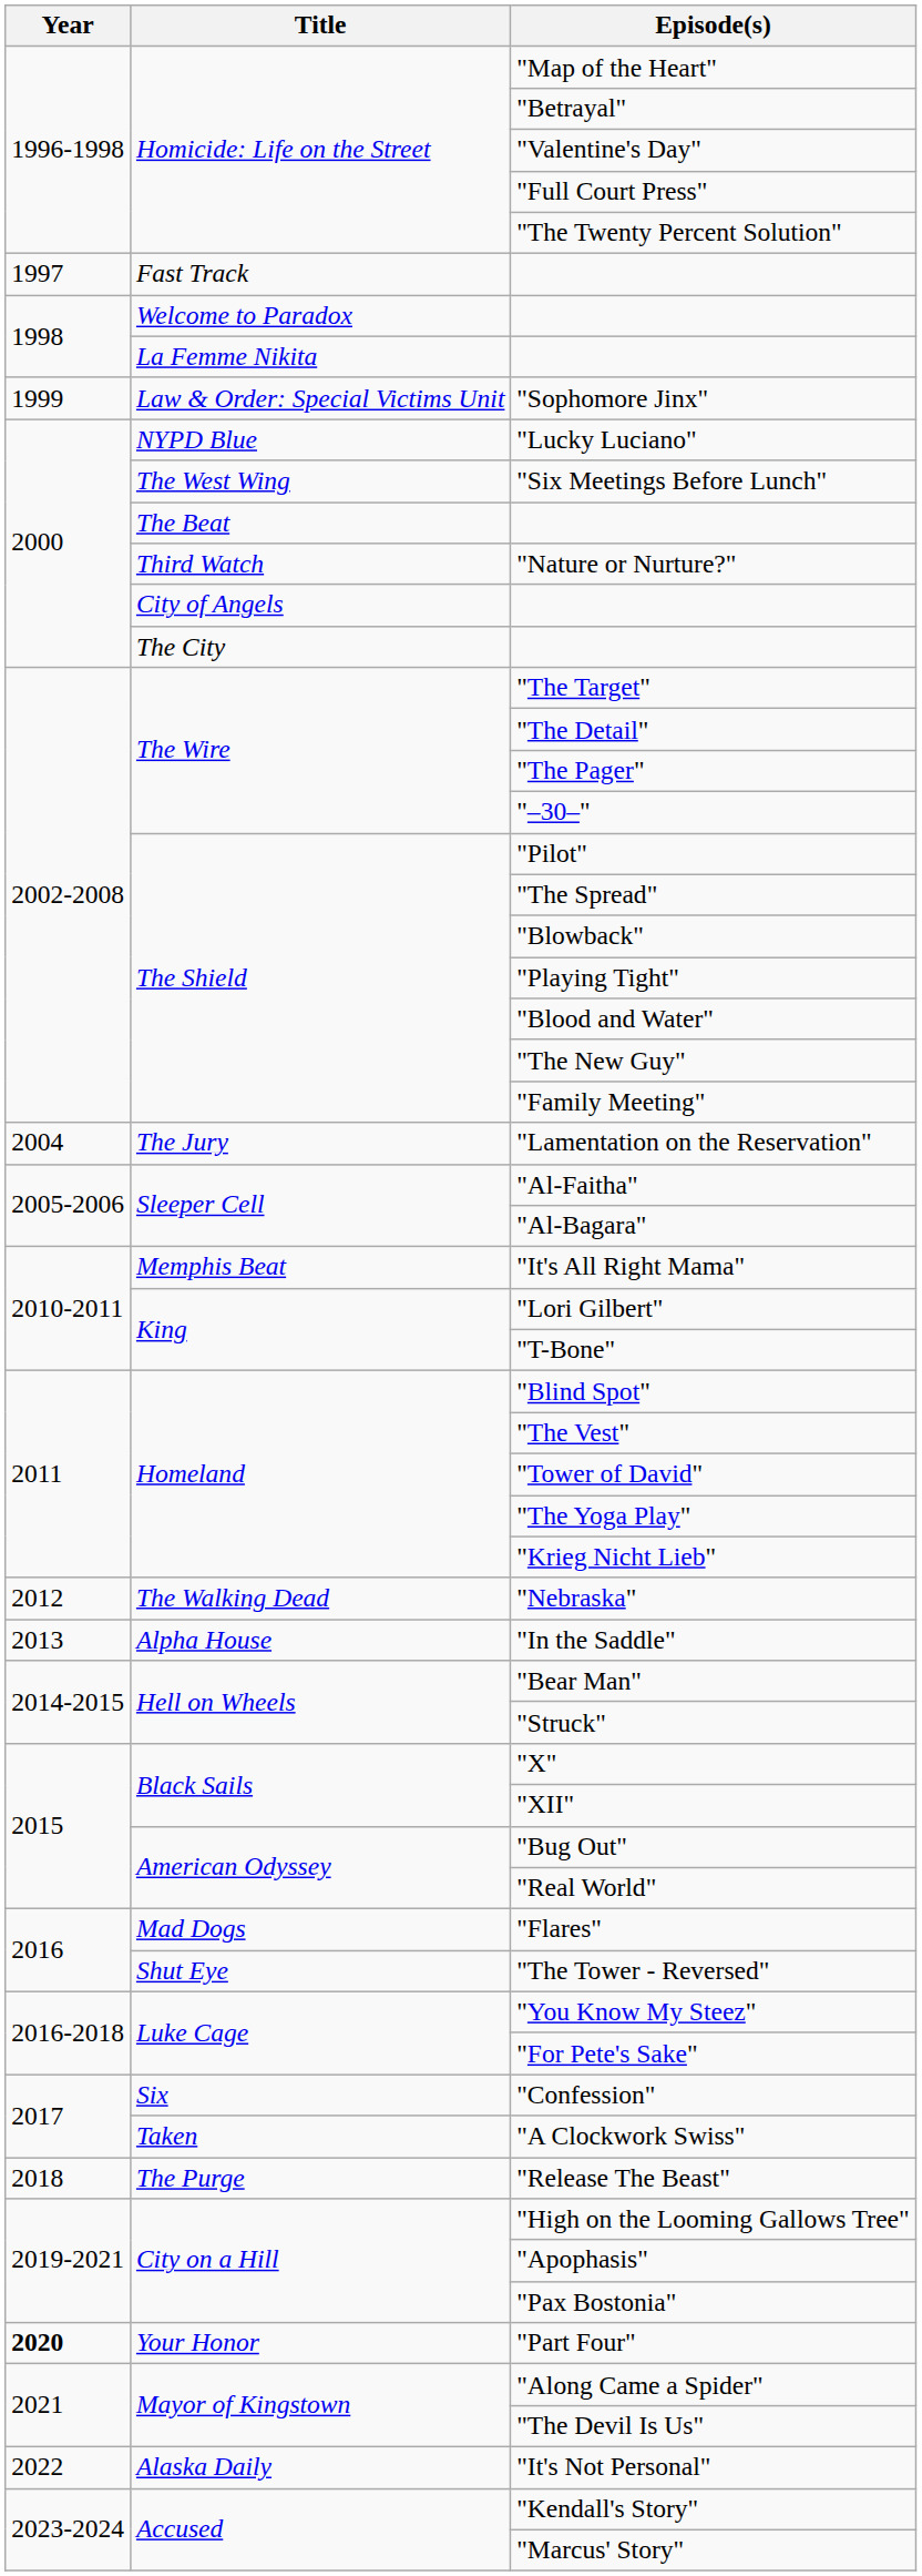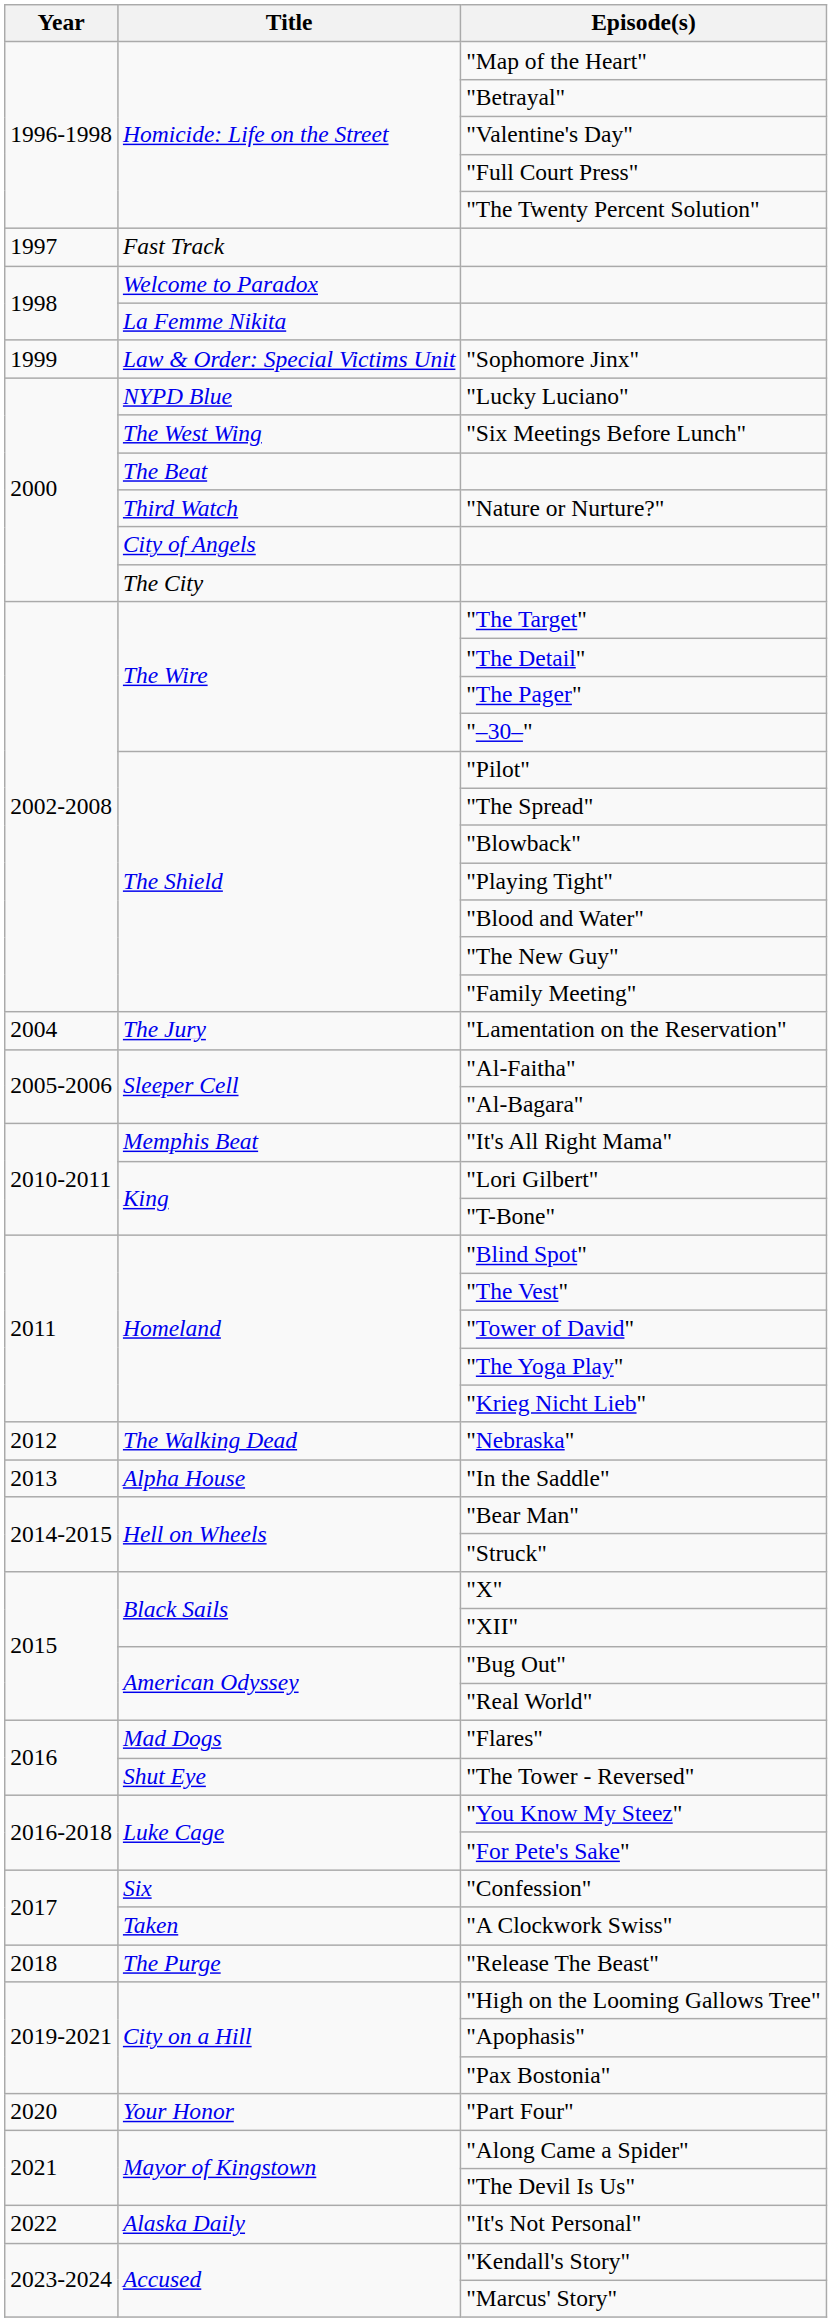 <table class="wikitable plainrowheaders">
 <tr>
 <th>Year</th>
 <th>Title</th>
 <th>Episode(s)</th>
 </tr>
 <tr>
 <td rowspan=5>1996-1998</td>
 <td rowspan=5><em><a href='#'>Homicide: Life on the Street</a></em></td>
 <td>"Map of the Heart"</td>
 </tr>
 <tr>
 <td>"Betrayal"</td>
 </tr>
 <tr>
 <td>"Valentine's Day"</td>
 </tr>
 <tr>
 <td>"Full Court Press"</td>
 </tr>
 <tr>
 <td>"The Twenty Percent Solution"</td>
 </tr>
 <tr>
 <td>1997</td>
 <td><em>Fast Track</em></td>
 <td></td>
 </tr>
 <tr>
 <td rowspan=2>1998</td>
 <td><em><a href='#'>Welcome to Paradox</a></em></td>
 <td></td>
 </tr>
 <tr>
 <td><em><a href='#'>La Femme Nikita</a></em></td>
 <td></td>
 </tr>
 <tr>
 <td>1999</td>
 <td><em><a href='#'>Law & Order: Special Victims Unit</a></em></td>
 <td>"Sophomore Jinx"</td>
 </tr>
 <tr>
 <td rowspan=6>2000</td>
 <td><em><a href='#'>NYPD Blue</a></em></td>
 <td>"Lucky Luciano"</td>
 </tr>
 <tr>
 <td><em><a href='#'>The West Wing</a></em></td>
 <td>"Six Meetings Before Lunch"</td>
 </tr>
 <tr>
 <td><em><a href='#'>The Beat</a></em></td>
 <td></td>
 </tr>
 <tr>
 <td><em><a href='#'>Third Watch</a></em></td>
 <td>"Nature or Nurture?"</td>
 </tr>
 <tr>
 <td><em><a href='#'>City of Angels</a></em></td>
 <td></td>
 </tr>
 <tr>
 <td><em>The City</em></td>
 <td></td>
 </tr>
 <tr>
 <td rowspan=11>2002-2008</td>
 <td rowspan=4><em><a href='#'>The Wire</a></em></td>
 <td>"<a href='#'>The Target</a>"</td>
 </tr>
 <tr>
 <td>"<a href='#'>The Detail</a>"</td>
 </tr>
 <tr>
 <td>"<a href='#'>The Pager</a>"</td>
 </tr>
 <tr>
 <td>"<a href='#'>–30–</a>"</td>
 </tr>
 <tr>
 <td rowspan=7><em><a href='#'>The Shield</a></em></td>
 <td>"Pilot"</td>
 </tr>
 <tr>
 <td>"The Spread"</td>
 </tr>
 <tr>
 <td>"Blowback"</td>
 </tr>
 <tr>
 <td>"Playing Tight"</td>
 </tr>
 <tr>
 <td>"Blood and Water"</td>
 </tr>
 <tr>
 <td>"The New Guy"</td>
 </tr>
 <tr>
 <td>"Family Meeting"</td>
 </tr>
 <tr>
 <td>2004</td>
 <td><em><a href='#'>The Jury</a></em></td>
 <td>"Lamentation on the Reservation"</td>
 </tr>
 <tr>
 <td rowspan=2>2005-2006</td>
 <td rowspan=2><em><a href='#'>Sleeper Cell</a></em></td>
 <td>"Al-Faitha"</td>
 </tr>
 <tr>
 <td>"Al-Bagara"</td>
 </tr>
 <tr>
 <td rowspan=3>2010-2011</td>
 <td><em><a href='#'>Memphis Beat</a></em></td>
 <td>"It's All Right Mama"</td>
 </tr>
 <tr>
 <td rowspan=2><em><a href='#'>King</a></em></td>
 <td>"Lori Gilbert"</td>
 </tr>
 <tr>
 <td>"T-Bone"</td>
 </tr>
 <tr>
 <td rowspan=5>2011</td>
 <td rowspan=5><em><a href='#'>Homeland</a></em></td>
 <td>"<a href='#'>Blind Spot</a>"</td>
 </tr>
 <tr>
 <td>"<a href='#'>The Vest</a>"</td>
 </tr>
 <tr>
 <td>"<a href='#'>Tower of David</a>"</td>
 </tr>
 <tr>
 <td>"<a href='#'>The Yoga Play</a>"</td>
 </tr>
 <tr>
 <td>"<a href='#'>Krieg Nicht Lieb</a>"</td>
 </tr>
 <tr>
 <td>2012</td>
 <td><em><a href='#'>The Walking Dead</a></em></td>
 <td>"<a href='#'>Nebraska</a>"</td>
 </tr>
 <tr>
 <td>2013</td>
 <td><em><a href='#'>Alpha House</a></em></td>
 <td>"In the Saddle"</td>
 </tr>
 <tr>
 <td rowspan=2>2014-2015</td>
 <td rowspan=2><em><a href='#'>Hell on Wheels</a></em></td>
 <td>"Bear Man"</td>
 </tr>
 <tr>
 <td>"Struck"</td>
 </tr>
 <tr>
 <td rowspan=4>2015</td>
 <td rowspan=2><em><a href='#'>Black Sails</a></em></td>
 <td>"X"</td>
 </tr>
 <tr>
 <td>"XII"</td>
 </tr>
 <tr>
 <td rowspan=2><em><a href='#'>American Odyssey</a></em></td>
 <td>"Bug Out"</td>
 </tr>
 <tr>
 <td>"Real World"</td>
 </tr>
 <tr>
 <td rowspan=2>2016</td>
 <td><em><a href='#'>Mad Dogs</a></em></td>
 <td>"Flares"</td>
 </tr>
 <tr>
 <td><em><a href='#'>Shut Eye</a></em></td>
 <td>"The Tower - Reversed"</td>
 </tr>
 <tr>
 <td rowspan=2>2016-2018</td>
 <td rowspan=2><em><a href='#'>Luke Cage</a></em></td>
 <td>"<a href='#'>You Know My Steez</a>"</td>
 </tr>
 <tr>
 <td>"<a href='#'>For Pete's Sake</a>"</td>
 </tr>
 <tr>
 <td rowspan=2>2017</td>
 <td><em><a href='#'>Six</a></em></td>
 <td>"Confession"</td>
 </tr>
 <tr>
 <td><em><a href='#'>Taken</a></em></td>
 <td>"A Clockwork Swiss"</td>
 </tr>
 <tr>
 <td>2018</td>
 <td><em><a href='#'>The Purge</a></em></td>
 <td>"Release The Beast"</td>
 </tr>
 <tr>
 <td rowspan=3>2019-2021</td>
 <td rowspan=3><em><a href='#'>City on a Hill</a></em></td>
 <td>"High on the Looming Gallows Tree"</td>
 </tr>
 <tr>
 <td>"Apophasis"</td>
 </tr>
 <tr>
 <td>"Pax Bostonia"</td>
 </tr>
 <tr>
-<td><strong>2020</strong></td>
+<td>2020</td>
 <td><em><a href='#'>Your Honor</a></em></td>
 <td>"Part Four"</td>
 </tr>
 <tr>
 <td rowspan=2>2021</td>
 <td rowspan=2><em><a href='#'>Mayor of Kingstown</a></em></td>
 <td>"Along Came a Spider"</td>
 </tr>
 <tr>
 <td>"The Devil Is Us"</td>
 </tr>
 <tr>
 <td>2022</td>
 <td><em><a href='#'>Alaska Daily</a></em></td>
 <td>"It's Not Personal"</td>
 </tr>
 <tr>
 <td rowspan=2>2023-2024</td>
 <td rowspan=2><em><a href='#'>Accused</a></em></td>
 <td>"Kendall's Story"</td>
 </tr>
 <tr>
 <td>"Marcus' Story"</td>
 </tr>
 </table>
